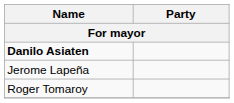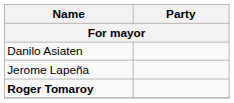 <table class=wikitable style="font-size:90%">
 <tr>
 <th width=150px>Name</th>
 <th colspan=2 width=110px>Party</th>
 </tr>
 <tr>
 <th colspan=3>For mayor</th>
 </tr>
 <tr>
-<td><strong>Danilo Asiaten</strong></td>
+<td>Danilo Asiaten</td>
 <td></td>
 </tr>
 <tr>
 <td>Jerome Lapeña</td>
 <td></td>
 </tr>
 <tr>
-<td>Roger Tomaroy</td>
+<td><strong>Roger Tomaroy</strong></td>
 <td></td>
 </tr>
 <tr>
 </tr>
 </table>
